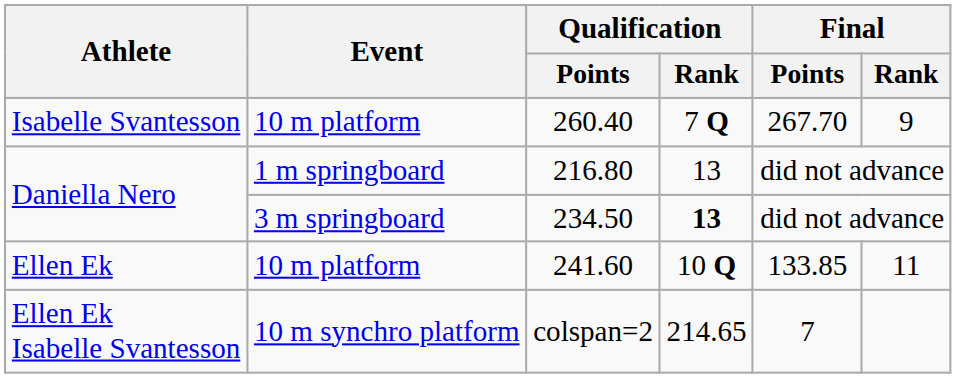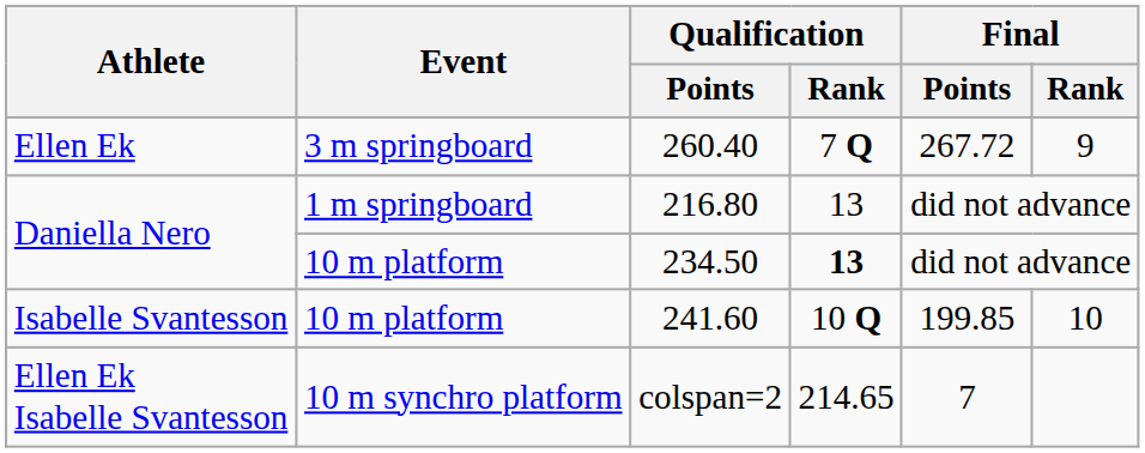 <table class=wikitable style="font-size:90%">
 <tr>
 <th rowspan="2">Athlete</th>
 <th rowspan="2">Event</th>
 <th colspan="2">Qualification</th>
 <th colspan="2">Final</th>
 </tr>
 <tr style="font-size:95%">
 <th>Points</th>
 <th>Rank</th>
 <th>Points</th>
 <th>Rank</th>
 </tr>
 <tr align=center>
-<td align=left><a href='#'>Isabelle Svantesson</a></td>
-<td align=left><a href='#'>10 m platform</a></td>
+<td align=left><a href='#'>Ellen Ek</a></td>
+<td align=left><a href='#'>3 m springboard</a></td>
 <td>260.40</td>
 <td>7 <strong>Q</strong></td>
-<td>267.70</td>
+<td>267.72</td>
 <td>9</td>
 </tr>
 <tr align=center>
 <td align=left rowspan=2><a href='#'>Daniella Nero</a></td>
 <td align=left><a href='#'>1 m springboard</a></td>
 <td>216.80</td>
 <td>13</td>
 <td colspan=2>did not advance</td>
 </tr>
 <tr align=center>
-<td align=left><a href='#'>3 m springboard</a></td>
+<td align=left><a href='#'>10 m platform</a></td>
 <td>234.50</td>
 <td><strong>13</strong></td>
 <td colspan=2>did not advance</td>
 </tr>
 <tr align=center>
-<td align=left><a href='#'>Ellen Ek</a></td>
+<td align=left><a href='#'>Isabelle Svantesson</a></td>
 <td align=left><a href='#'>10 m platform</a></td>
 <td>241.60</td>
 <td>10 <strong>Q</strong></td>
-<td>133.85</td>
-<td>11</td>
+<td>199.85</td>
+<td>10</td>
 </tr>
 <tr align=center>
 <td align=left><a href='#'>Ellen Ek</a><br><a href='#'>Isabelle Svantesson</a></td>
 <td align=left><a href='#'>10 m synchro platform</a></td>
 <td>colspan=2 </td>
 <td>214.65</td>
 <td>7</td>
 </tr>
 </table>
